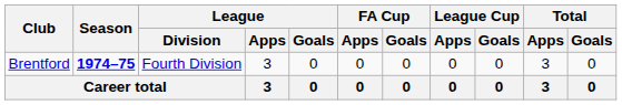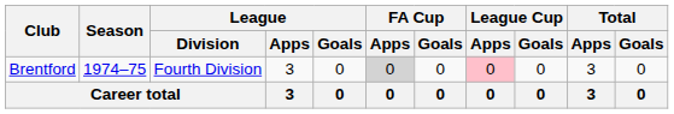 <table class="wikitable" style="text-align: center;">
 <tr>
 <th rowspan="2">Club</th>
 <th rowspan="2">Season</th>
 <th colspan="3">League</th>
 <th colspan="2">FA Cup</th>
 <th colspan="2">League Cup</th>
 <th colspan="2">Total</th>
 </tr>
 <tr>
 <th>Division</th>
 <th>Apps</th>
 <th>Goals</th>
 <th>Apps</th>
 <th>Goals</th>
 <th>Apps</th>
 <th>Goals</th>
 <th>Apps</th>
 <th>Goals</th>
 </tr>
 <tr>
 <td><a href='#'>Brentford</a></td>
-<td><strong><a href='#'>1974–75</a></strong></td>
+<td><a href='#'>1974–75</a></td>
 <td><a href='#'>Fourth Division</a></td>
 <td>3</td>
 <td>0</td>
+<td style="background: lightgrey;">0</td>
 <td>0</td>
-<td>0</td>
-<td>0</td>
+<td style="background: pink;">0</td>
 <td>0</td>
 <td>3</td>
 <td>0</td>
 </tr>
 <tr>
 <th colspan="3">Career total</th>
 <th>3</th>
 <th>0</th>
 <th>0</th>
 <th>0</th>
 <th>0</th>
 <th>0</th>
 <th>3</th>
 <th>0</th>
 </tr>
 </table>
